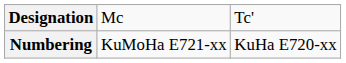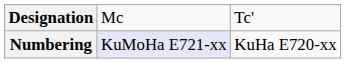 <table class="wikitable">
 <tr>
 <th>Designation</th>
 <td>Mc</td>
 <td>Tc'</td>
 </tr>
 <tr>
 <th>Numbering</th>
-<td>KuMoHa E721-xx</td>
+<td style="background: lavender;">KuMoHa E721-xx</td>
 <td>KuHa E720-xx</td>
 </tr>
 </table>
